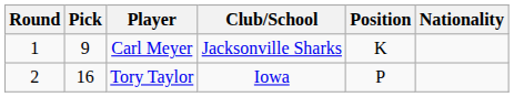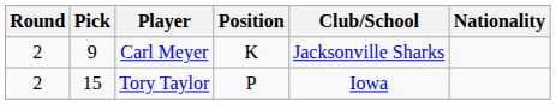 <table class="wikitable" style="font-size: 95%;">
 <tr>
 <th scope="col">Round</th>
 <th scope="col">Pick</th>
 <th scope="col">Player</th>
+<th scope="col">Position</th>
 <th scope="col">Club/School</th>
-<th scope="col">Position</th>
 <th scope="col">Nationality</th>
 </tr>
 <tr align="center">
-<td align=center>1</td>
+<td align=center>2</td>
 <td>9</td>
 <td><a href='#'>Carl Meyer</a></td>
+<td>K</td>
 <td><a href='#'>Jacksonville Sharks</a></td>
-<td>K</td>
 <td></td>
 </tr>
 <tr align="center">
 <td align=center>2</td>
-<td>16</td>
+<td>15</td>
 <td><a href='#'>Tory Taylor</a></td>
+<td>P</td>
 <td><a href='#'>Iowa</a></td>
-<td>P</td>
 <td></td>
 </tr>
 </table>
